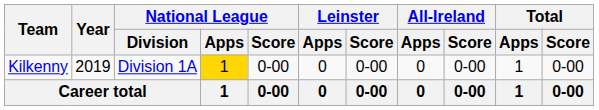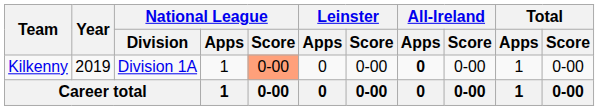 <table class="wikitable" style="text-align:center">
 <tr>
 <th rowspan="2">Team</th>
 <th rowspan="2">Year</th>
 <th colspan="3"><a href='#'>National League</a></th>
 <th colspan="2"><a href='#'>Leinster</a></th>
 <th colspan="2"><a href='#'>All-Ireland</a></th>
 <th colspan="2">Total</th>
 </tr>
 <tr>
 <th>Division</th>
 <th>Apps</th>
 <th>Score</th>
 <th>Apps</th>
 <th>Score</th>
 <th>Apps</th>
 <th>Score</th>
 <th>Apps</th>
 <th>Score</th>
 </tr>
 <tr>
 <td rowspan="1"><a href='#'>Kilkenny</a></td>
 <td>2019</td>
 <td rowspan="1"><a href='#'>Division 1A</a></td>
-<td style="background: gold;">1</td>
-<td>0-00</td>
+<td>1</td>
+<td style="background: lightsalmon;">0-00</td>
 <td>0</td>
 <td>0-00</td>
-<td>0</td>
+<td><strong>0</strong></td>
 <td>0-00</td>
 <td>1</td>
 <td>0-00</td>
 </tr>
 <tr>
 <th colspan="3">Career total</th>
 <th>1</th>
 <th>0-00</th>
 <th>0</th>
 <th>0-00</th>
 <th>0</th>
 <th>0-00</th>
 <th>1</th>
 <th>0-00</th>
 </tr>
 </table>
